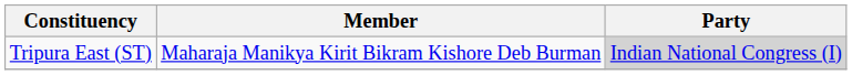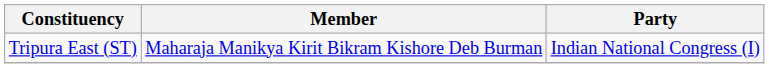 <table class="wikitable sortable">
 <tr>
 <th>Constituency</th>
 <th>Member</th>
 <th>Party</th>
 </tr>
 <tr>
 <td><a href='#'>Tripura East (ST)</a></td>
 <td><a href='#'>Maharaja Manikya Kirit Bikram Kishore Deb Burman</a></td>
-<td style="background: lightgrey;"><a href='#'>Indian National Congress (I)</a></td>
+<td><a href='#'>Indian National Congress (I)</a></td>
 </tr>
 <tr>
 </tr>
 </table>
